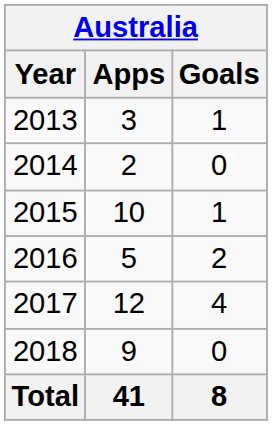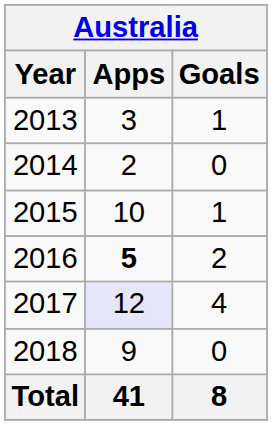 <table class="wikitable" style="text-align:center">
 <tr>
 <th colspan=3><a href='#'>Australia</a></th>
 </tr>
 <tr>
 <th>Year</th>
 <th>Apps</th>
 <th>Goals</th>
 </tr>
 <tr>
 <td>2013</td>
 <td>3</td>
 <td>1</td>
 </tr>
 <tr>
 <td>2014</td>
 <td>2</td>
 <td>0</td>
 </tr>
 <tr>
 <td>2015</td>
 <td>10</td>
 <td>1</td>
 </tr>
 <tr>
 <td>2016</td>
-<td>5</td>
+<td><strong>5</strong></td>
 <td>2</td>
 </tr>
 <tr>
 <td>2017</td>
-<td>12</td>
+<td style="background: lavender;">12</td>
 <td>4</td>
 </tr>
 <tr>
 <td>2018</td>
 <td>9</td>
 <td>0</td>
 </tr>
 <tr>
 <th>Total</th>
 <th>41</th>
 <th>8</th>
 </tr>
 </table>
